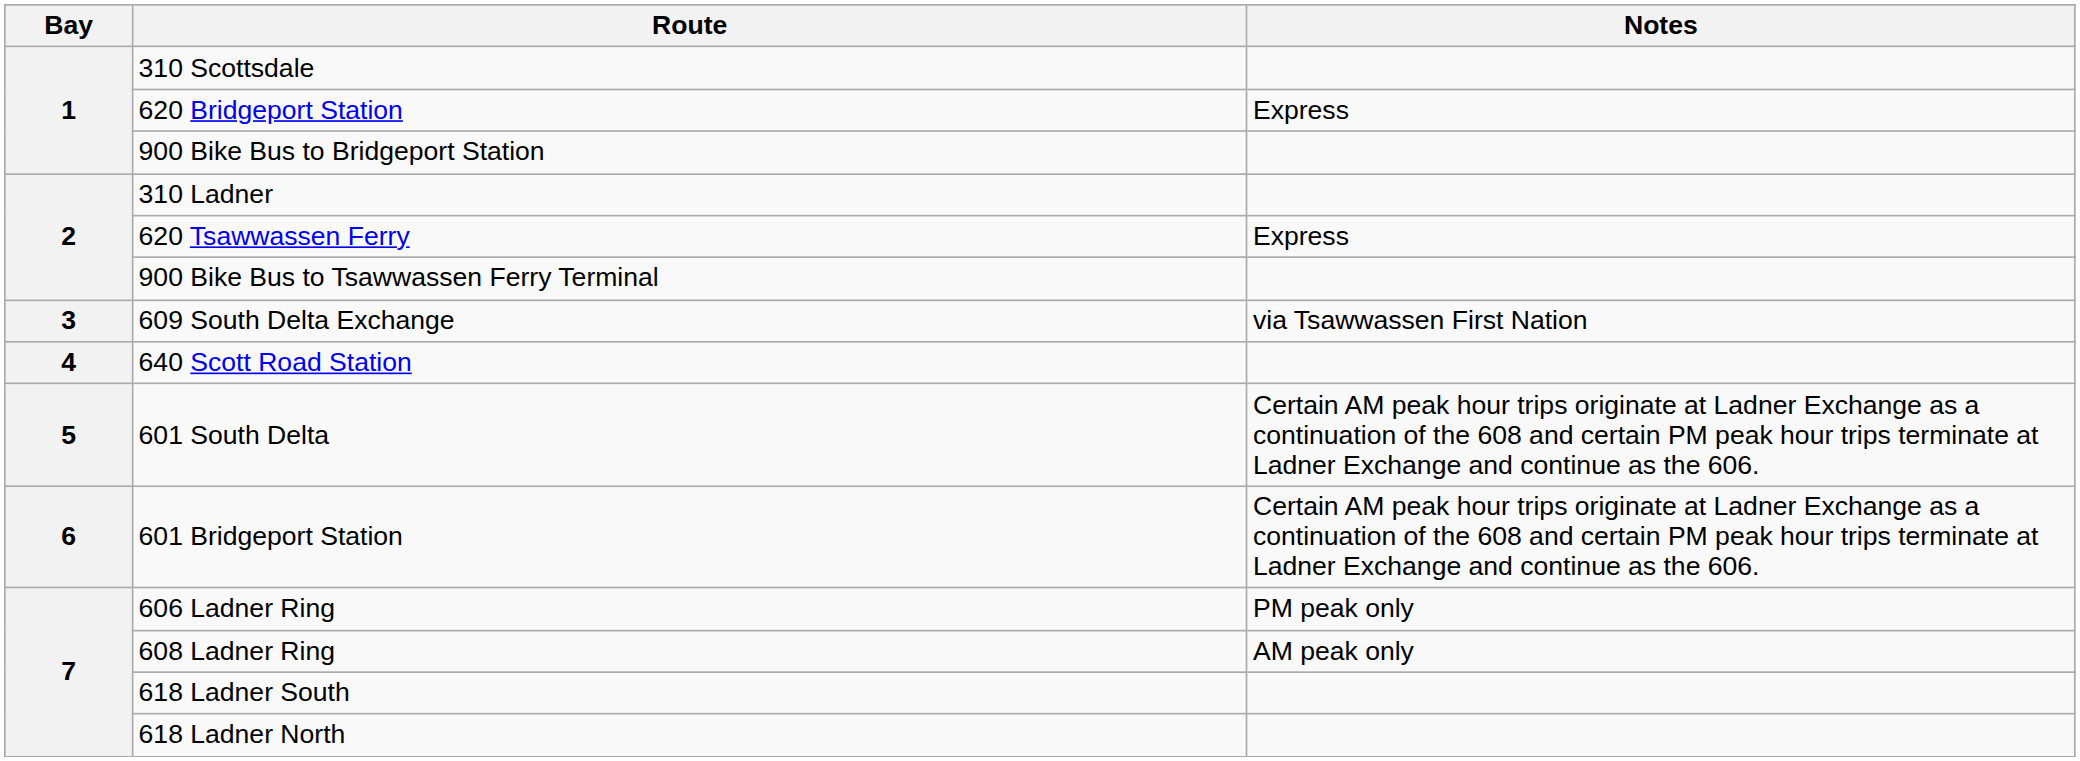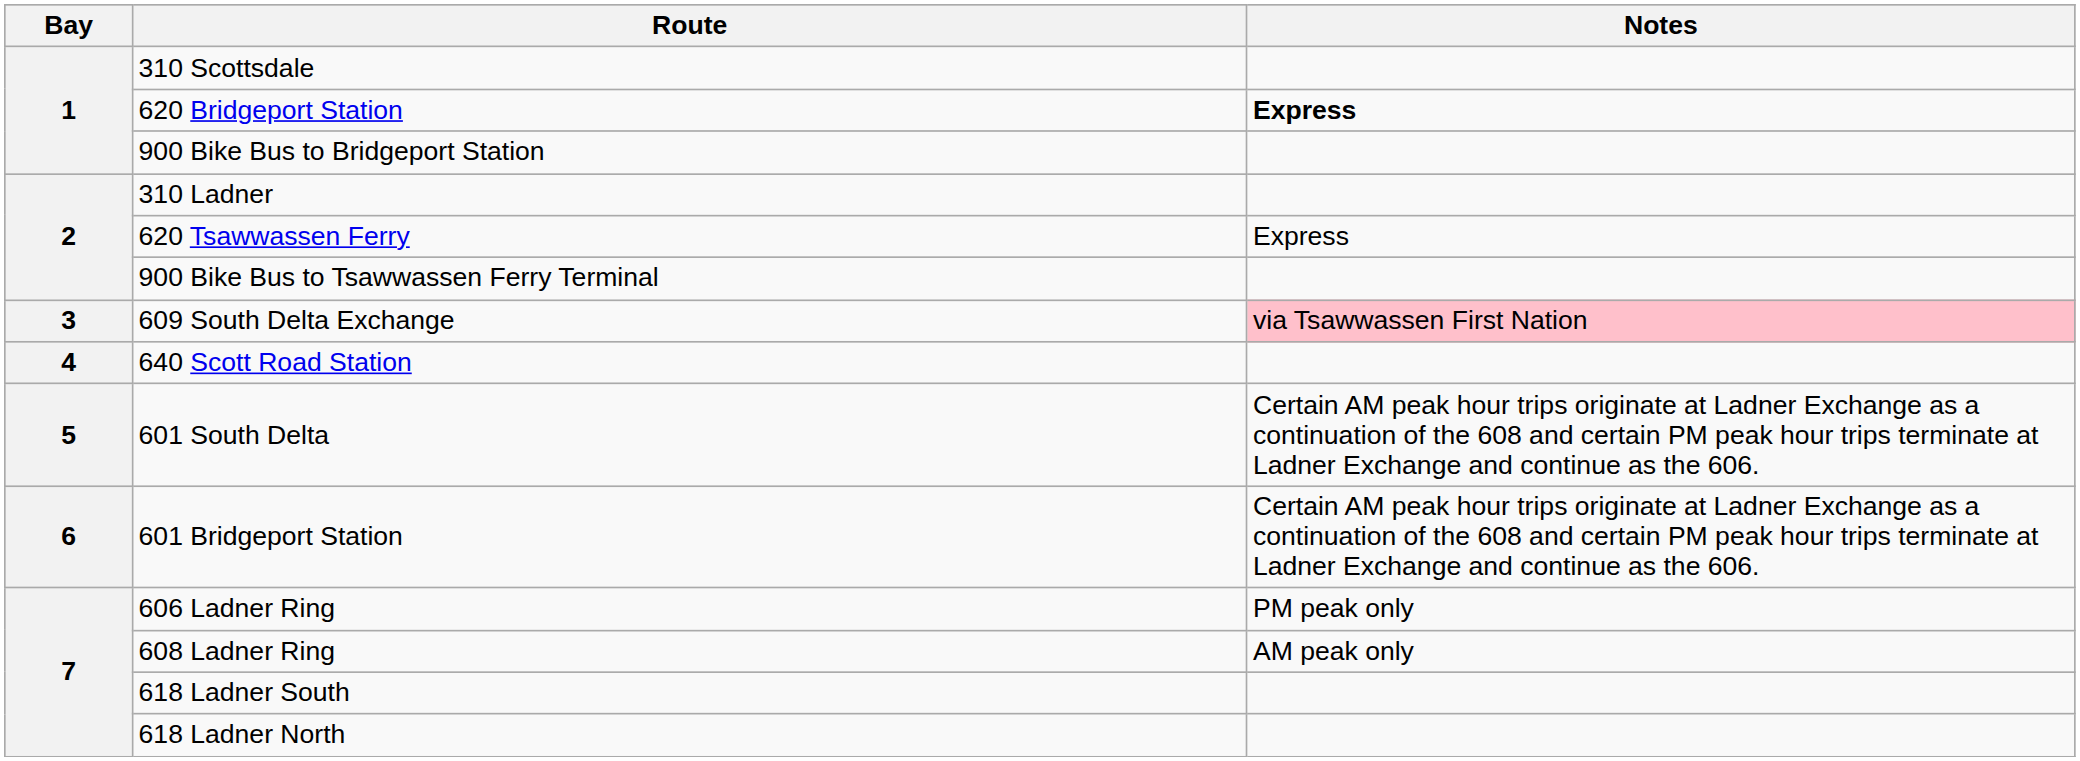 <table class="wikitable">
 <tr>
 <th>Bay</th>
 <th>Route</th>
 <th width="40%">Notes</th>
 </tr>
 <tr>
 <th rowspan="3">1</th>
 <td>310 Scottsdale</td>
 <td></td>
 </tr>
 <tr>
 <td>620 <a href='#'>Bridgeport Station</a></td>
-<td>Express</td>
+<td><strong>Express</strong></td>
 </tr>
 <tr>
 <td>900 Bike Bus to Bridgeport Station</td>
 <td></td>
 </tr>
 <tr>
 <th rowspan="3">2</th>
 <td>310 Ladner<br></td>
 <td></td>
 </tr>
 <tr>
 <td>620 <a href='#'>Tsawwassen Ferry</a></td>
 <td>Express</td>
 </tr>
 <tr>
 <td>900 Bike Bus to Tsawwassen Ferry Terminal</td>
 <td></td>
 </tr>
 <tr>
 <th>3</th>
 <td>609 South Delta Exchange</td>
-<td>via Tsawwassen First Nation</td>
+<td style="background: pink;">via Tsawwassen First Nation</td>
 </tr>
 <tr>
 <th>4</th>
 <td>640 <a href='#'>Scott Road Station</a></td>
 <td></td>
 </tr>
 <tr>
 <th>5</th>
 <td>601 South Delta<br></td>
 <td>Certain AM peak hour trips originate at Ladner Exchange as a continuation of the 608 and certain PM peak hour trips terminate at Ladner Exchange and continue as the 606.</td>
 </tr>
 <tr>
 <th>6</th>
 <td>601 Bridgeport Station</td>
 <td>Certain AM peak hour trips originate at Ladner Exchange as a continuation of the 608 and certain PM peak hour trips terminate at Ladner Exchange and continue as the 606.</td>
 </tr>
 <tr>
 <th rowspan="4">7</th>
 <td>606 Ladner Ring</td>
 <td>PM peak only</td>
 </tr>
 <tr>
 <td>608 Ladner Ring</td>
 <td>AM peak only</td>
 </tr>
 <tr>
 <td>618 Ladner South<br></td>
 <td></td>
 </tr>
 <tr>
 <td>618 Ladner North<br></td>
 <td></td>
 </tr>
 </table>
